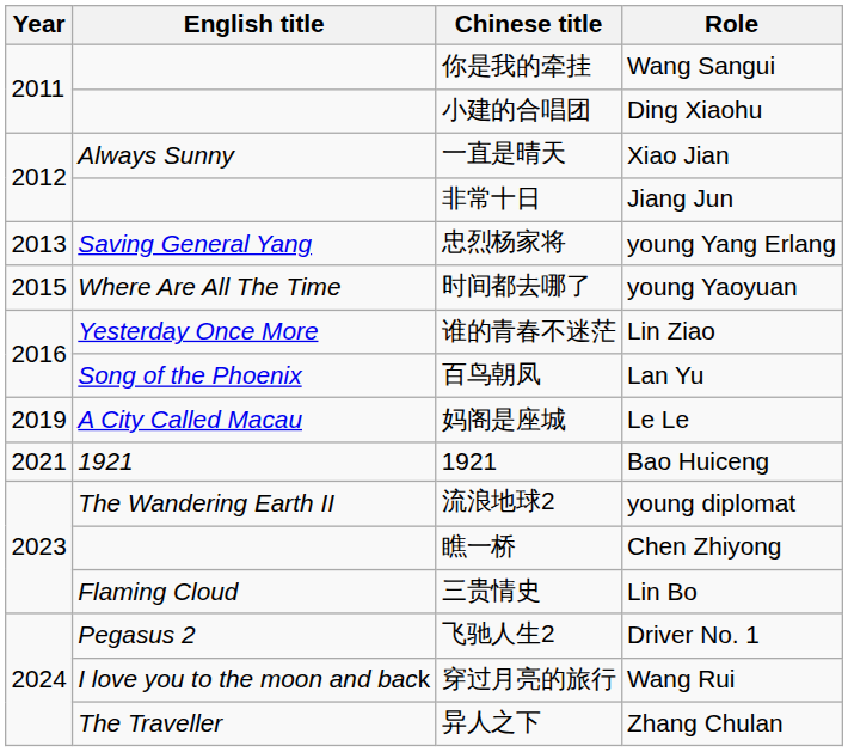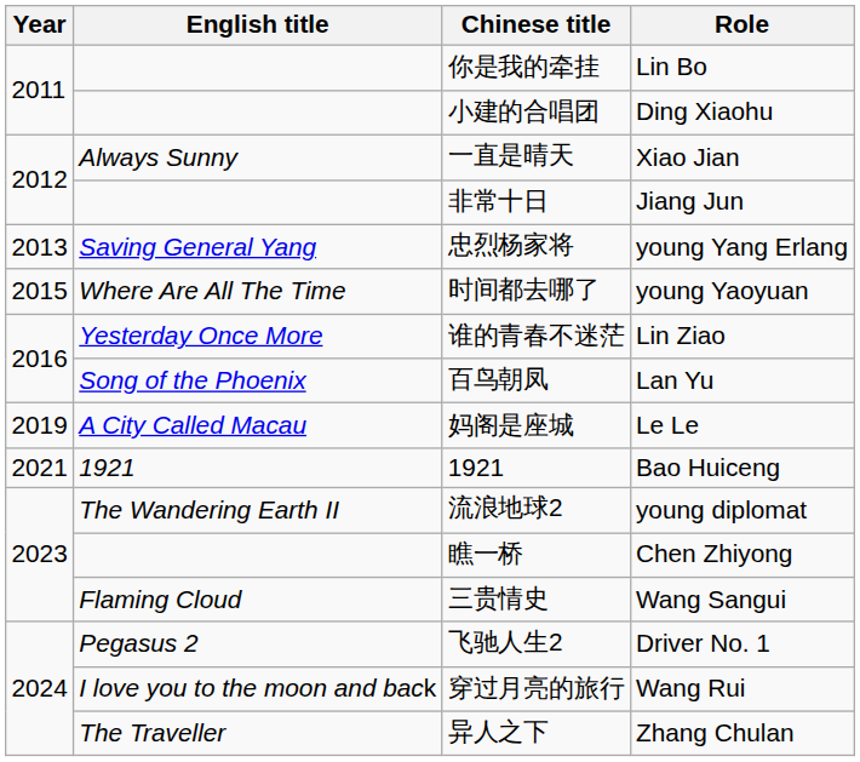 <table class="wikitable">
 <tr>
 <th>Year</th>
 <th>English title</th>
 <th>Chinese title</th>
 <th>Role</th>
 </tr>
 <tr>
 <td rowspan=2>2011</td>
 <td></td>
 <td>你是我的牵挂</td>
-<td>Wang Sangui</td>
+<td>Lin Bo</td>
 </tr>
 <tr>
 <td></td>
 <td>小建的合唱团</td>
 <td>Ding Xiaohu</td>
 </tr>
 <tr>
 <td rowspan=2>2012</td>
 <td><em>Always Sunny</em></td>
 <td>一直是晴天</td>
 <td>Xiao Jian</td>
 </tr>
 <tr>
 <td></td>
 <td>非常十日</td>
 <td>Jiang Jun</td>
 </tr>
 <tr>
 <td>2013</td>
 <td><em><a href='#'>Saving General Yang</a></em></td>
 <td>忠烈杨家将</td>
 <td>young Yang Erlang</td>
 </tr>
 <tr>
 <td>2015</td>
 <td><em>Where Are All The Time</em></td>
 <td>时间都去哪了</td>
 <td>young Yaoyuan</td>
 </tr>
 <tr>
 <td rowspan=2>2016</td>
 <td><em><a href='#'>Yesterday Once More</a></em></td>
 <td>谁的青春不迷茫</td>
 <td>Lin Ziao</td>
 </tr>
 <tr>
 <td><em><a href='#'>Song of the Phoenix</a></em></td>
 <td>百鸟朝凤</td>
 <td>Lan Yu</td>
 </tr>
 <tr>
 <td>2019</td>
 <td><em><a href='#'>A City Called Macau</a></em></td>
 <td>妈阁是座城</td>
 <td>Le Le</td>
 </tr>
 <tr>
 <td>2021</td>
 <td><em>1921</em></td>
 <td>1921</td>
 <td>Bao Huiceng</td>
 </tr>
 <tr>
 <td rowspan="3">2023</td>
 <td><em>The Wandering Earth II</em></td>
 <td>流浪地球2</td>
 <td>young diplomat</td>
 </tr>
 <tr>
 <td></td>
 <td>瞧一桥</td>
 <td>Chen Zhiyong</td>
 </tr>
 <tr>
 <td><em>Flaming Cloud</em></td>
 <td>三贵情史</td>
-<td>Lin Bo</td>
+<td>Wang Sangui</td>
 </tr>
 <tr>
 <td rowspan="3">2024</td>
 <td><em>Pegasus 2</em></td>
 <td>飞驰人生2</td>
 <td>Driver No. 1</td>
 </tr>
 <tr>
 <td><em>I love you to the moon and bac</em>k</td>
 <td>穿过月亮的旅行</td>
 <td>Wang Rui</td>
 </tr>
 <tr>
 <td><em>The Traveller</em></td>
 <td>异人之下</td>
 <td>Zhang Chulan</td>
 </tr>
 </table>
